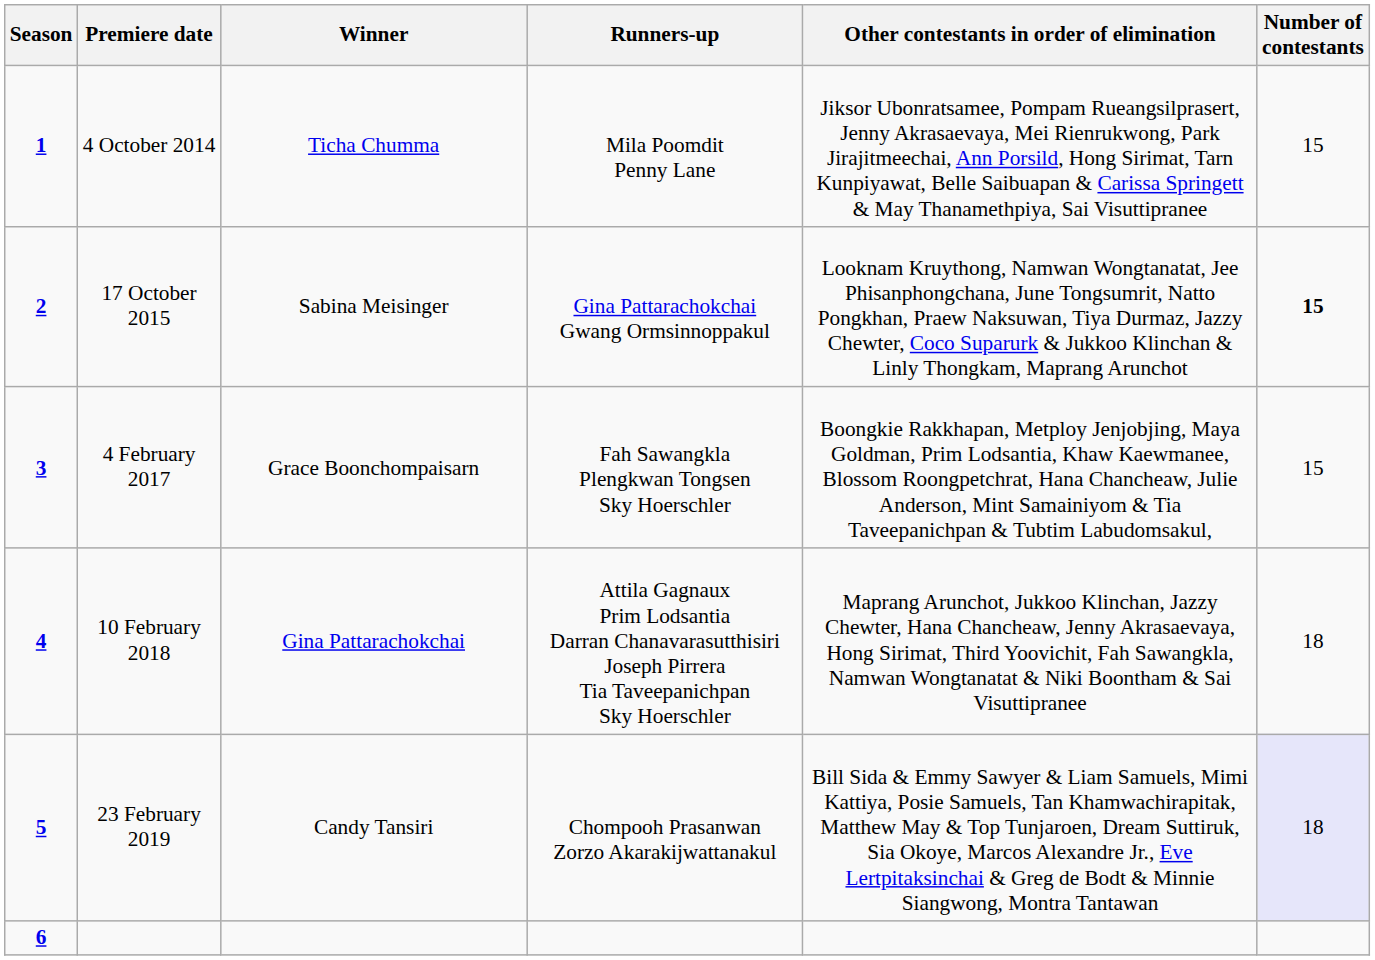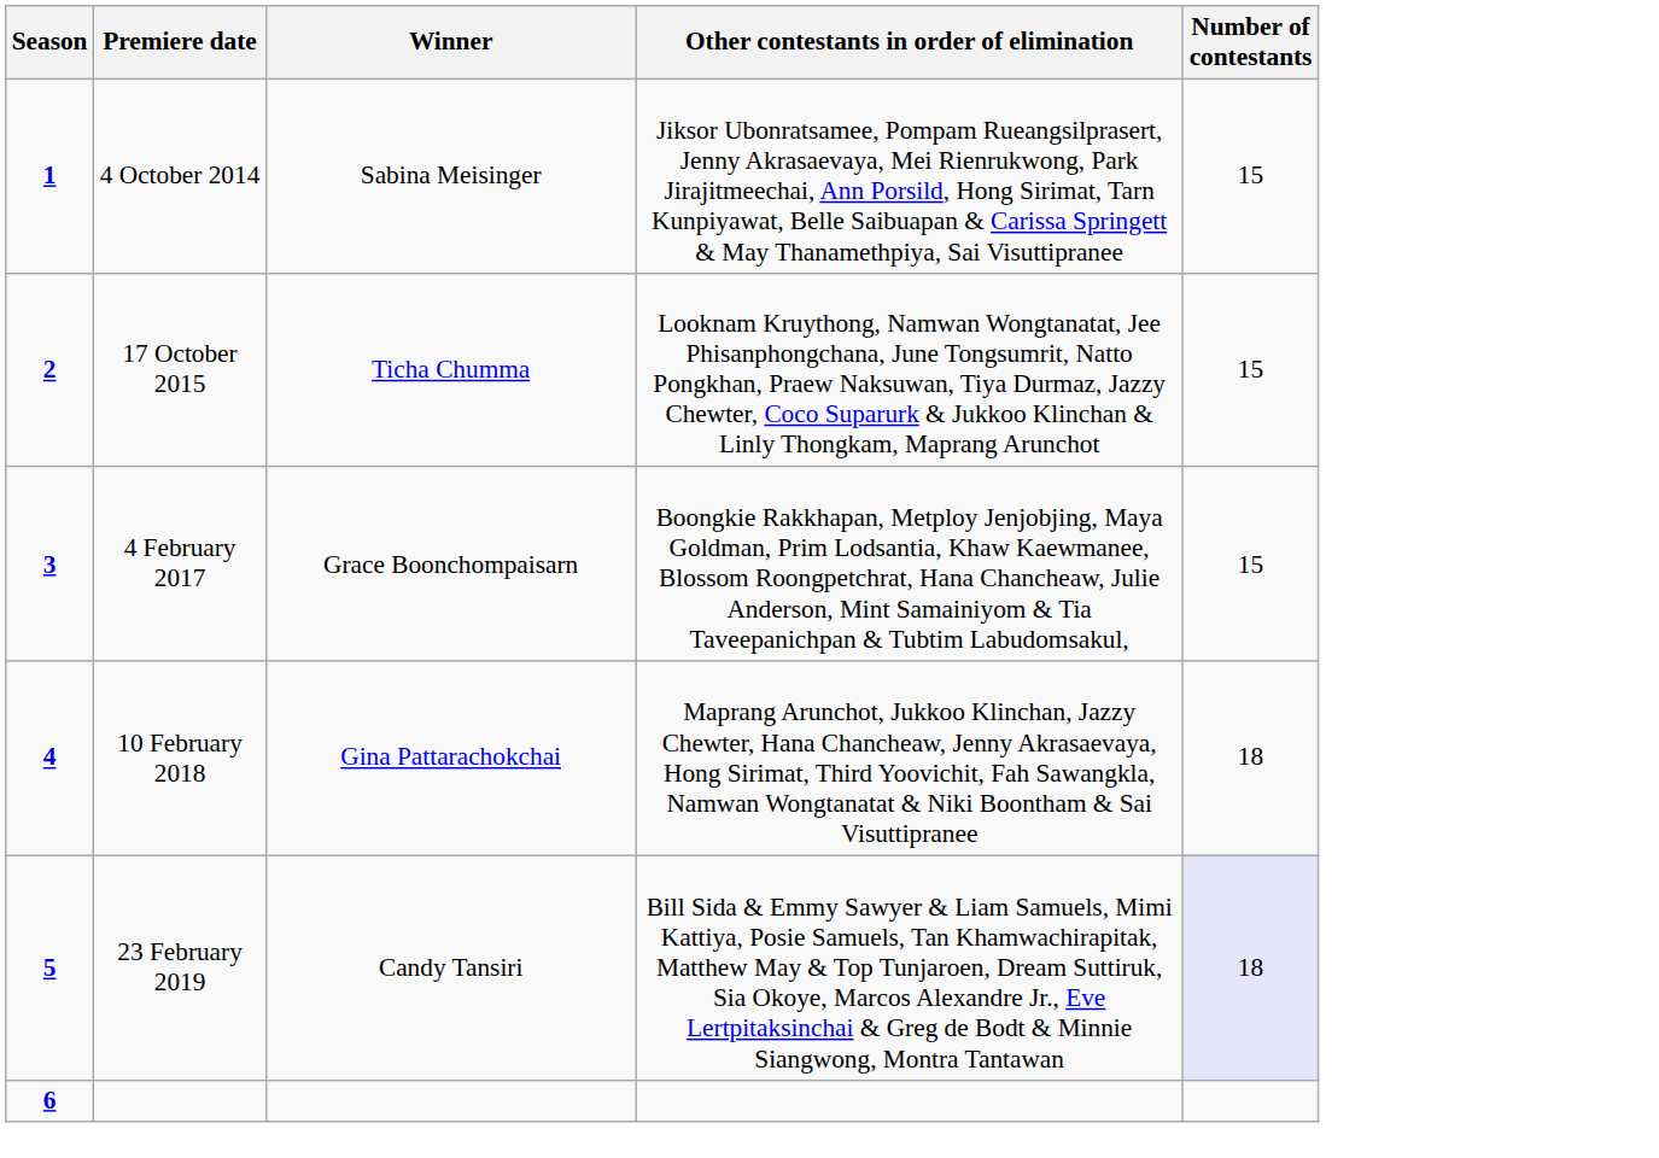 <table class="wikitable" style="font-size:90%; text-align: center;">
 <tr>
 <th width="30">Season</th>
 <th width="90">Premiere date</th>
 <th style="width:200px;">Winner</th>
-<th style="width:180px;">Runners-up</th>
 <th style="width:300px;">Other contestants in order of elimination</th>
 <th width="30">Number of contestants</th>
 </tr>
 <tr>
 <td><strong><a href='#'>1</a></strong></td>
 <td>4 October 2014</td>
-<td> <a href='#'>Ticha Chumma</a></td>
-<td><br> Mila Poomdit<br>  Penny Lane</td>
+<td> Sabina Meisinger</td>
 <td><br> Jiksor Ubonratsamee,   Pompam Rueangsilprasert,   Jenny Akrasaevaya,   Mei Rienrukwong,   Park Jirajitmeechai,   <a href='#'>Ann Porsild</a>,   Hong Sirimat,   Tarn Kunpiyawat,   Belle Saibuapan &  <a href='#'>Carissa Springett</a> &  May Thanamethpiya,  Sai Visuttipranee</td>
 <td>15</td>
 </tr>
 <tr>
 <td><strong><a href='#'>2</a></strong></td>
 <td>17 October 2015</td>
-<td> Sabina Meisinger</td>
-<td><br> <a href='#'>Gina Pattarachokchai</a><br>  Gwang Ormsinnoppakul</td>
+<td> <a href='#'>Ticha Chumma</a></td>
 <td><br> Looknam Kruythong,   Namwan Wongtanatat,   Jee Phisanphongchana,   June Tongsumrit,   Natto Pongkhan,   Praew Naksuwan,   Tiya Durmaz,   Jazzy Chewter,   <a href='#'>Coco Suparurk</a> &   Jukkoo Klinchan &  Linly Thongkam,  Maprang Arunchot</td>
-<td><strong>15</strong></td>
+<td>15</td>
 </tr>
 <tr>
 <td><strong><a href='#'>3</a></strong></td>
 <td>4 February 2017</td>
 <td> Grace Boonchompaisarn</td>
-<td><br> Fah Sawangkla<br>  Plengkwan Tongsen<br>  Sky Hoerschler</td>
 <td><br> Boongkie Rakkhapan,   Metploy Jenjobjing,   Maya Goldman,   Prim Lodsantia,   Khaw Kaewmanee,   Blossom Roongpetchrat,   Hana Chancheaw,   Julie Anderson,  Mint Samainiyom &  Tia Taveepanichpan &  Tubtim Labudomsakul,</td>
 <td>15</td>
 </tr>
 <tr>
 <td><strong><a href='#'>4</a></strong></td>
 <td>10 February 2018</td>
 <td> <a href='#'>Gina Pattarachokchai</a></td>
-<td><br> Attila Gagnaux<br>  Prim Lodsantia<br>  Darran Chanavarasutthisiri<br>  Joseph Pirrera<br>  Tia Taveepanichpan<br>  Sky Hoerschler</td>
 <td><br> Maprang Arunchot,   Jukkoo Klinchan,  Jazzy Chewter,   Hana Chancheaw,   Jenny Akrasaevaya,  Hong Sirimat,    Third Yoovichit,  Fah Sawangkla,   Namwan Wongtanatat &  Niki Boontham &  Sai Visuttipranee</td>
 <td>18</td>
 </tr>
 <tr>
 <td><strong><a href='#'>5</a></strong></td>
 <td>23 February 2019</td>
 <td> Candy Tansiri</td>
-<td><br> Chompooh Prasanwan<br>  Zorzo Akarakijwattanakul</td>
 <td><br> Bill Sida &   Emmy Sawyer &   Liam Samuels,  Mimi Kattiya,   Posie Samuels,   Tan Khamwachirapitak,   Matthew May &   Top Tunjaroen,  Dream Suttiruk,   Sia Okoye,  Marcos Alexandre Jr.,  <a href='#'>Eve Lertpitaksinchai</a> &   Greg de Bodt &   Minnie Siangwong,  Montra Tantawan</td>
 <td style="background: lavender;">18</td>
 </tr>
 <tr>
 <td><strong><a href='#'>6</a></strong></td>
 <td></td>
 <td></td>
 <td></td>
 <td></td>
-<td></td>
 </tr>
 </table>
